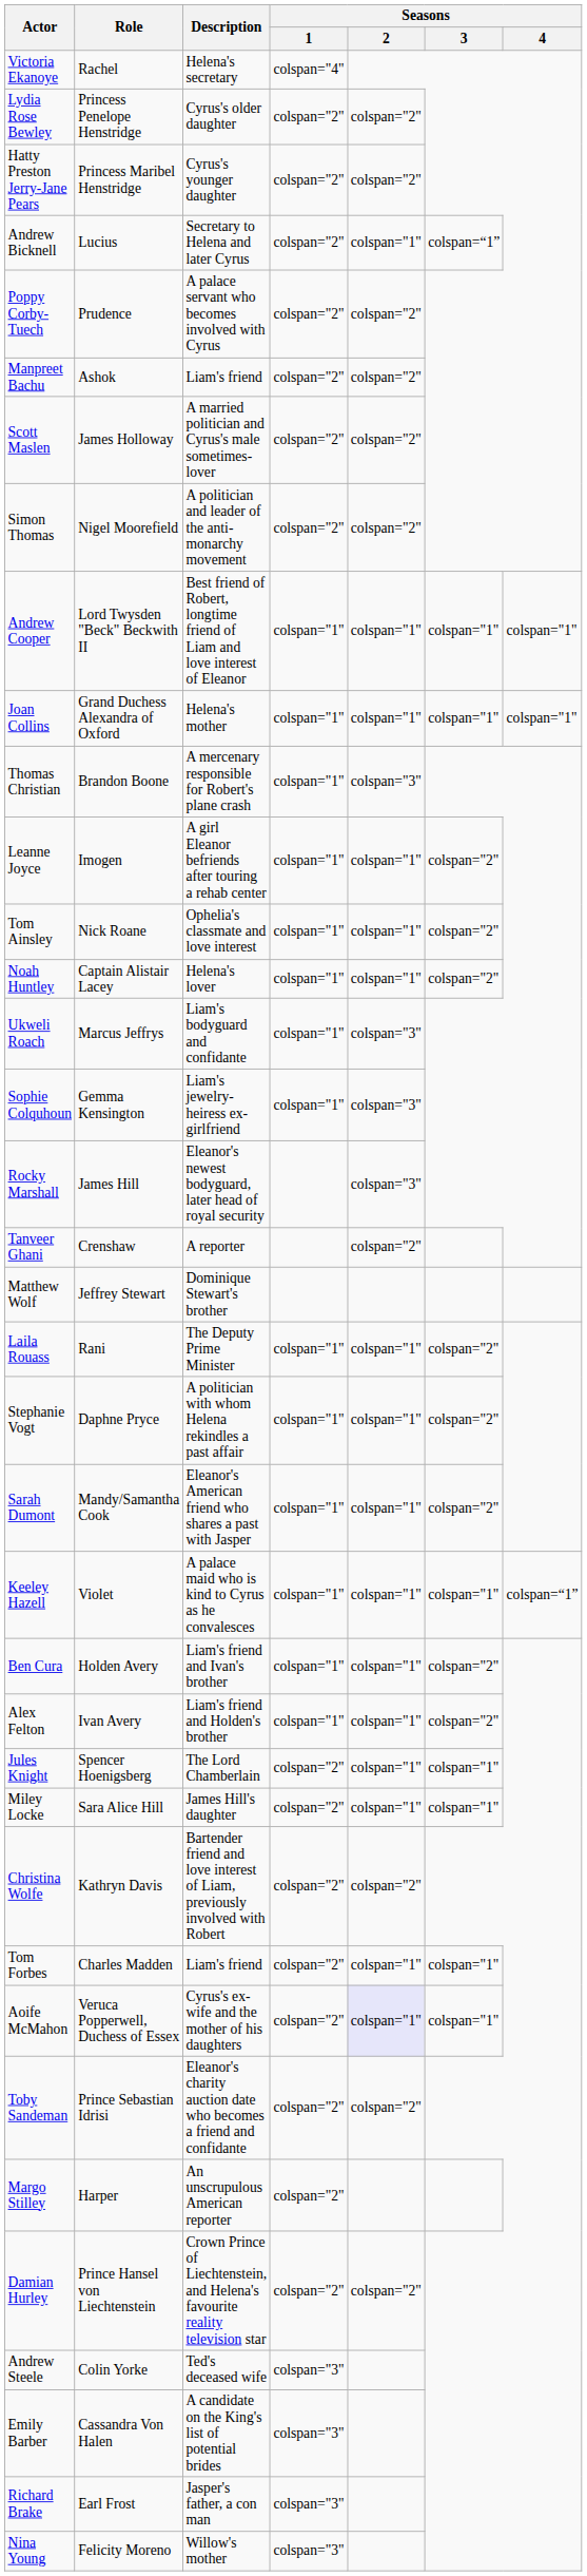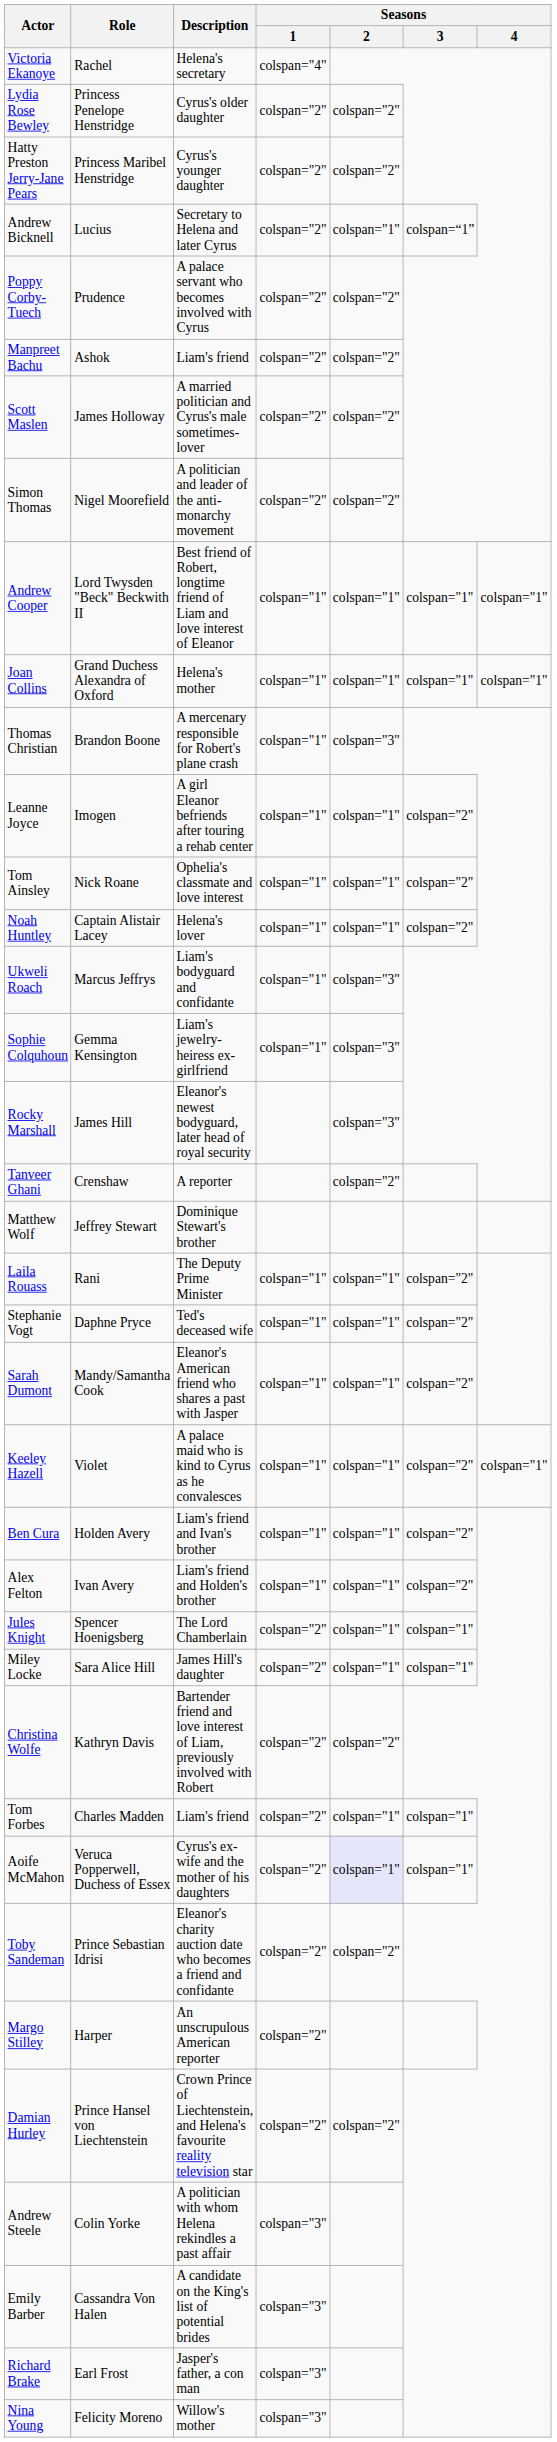 <table class="wikitable plainrowheaders" width="70%">
 <tr>
 <th rowspan="2" style="width:15%;">Actor</th>
 <th rowspan="2" style="width:20%;">Role</th>
 <th rowspan="2" style="width:40%;">Description</th>
 <th colspan="4">Seasons</th>
 </tr>
 <tr>
 <th style="width:8%;">1</th>
 <th style="width:8%;">2</th>
 <th style="width:8%;">3</th>
 <th style="width:8%;">4</th>
 </tr>
 <tr>
 <td><a href='#'>Victoria Ekanoye</a></td>
 <td>Rachel</td>
 <td>Helena's secretary</td>
 <td>colspan="4" </td>
 </tr>
 <tr>
 <td><a href='#'>Lydia Rose Bewley</a></td>
 <td>Princess Penelope Henstridge</td>
 <td>Cyrus's older daughter</td>
 <td>colspan="2" </td>
 <td>colspan="2" </td>
 </tr>
 <tr>
 <td>Hatty Preston  <br> <a href='#'>Jerry-Jane Pears</a> </td>
 <td>Princess Maribel Henstridge</td>
 <td>Cyrus's younger daughter</td>
 <td>colspan="2" </td>
 <td>colspan="2" </td>
 </tr>
 <tr>
 <td>Andrew Bicknell</td>
 <td>Lucius</td>
 <td>Secretary to Helena and later Cyrus</td>
 <td>colspan="2" </td>
 <td>colspan="1" </td>
 <td>colspan=“1” </td>
 </tr>
 <tr>
 <td><a href='#'>Poppy Corby-Tuech</a></td>
 <td>Prudence</td>
 <td>A palace servant who becomes involved with Cyrus</td>
 <td>colspan="2" </td>
 <td>colspan="2" </td>
 </tr>
 <tr>
 <td><a href='#'>Manpreet Bachu</a></td>
 <td>Ashok</td>
 <td>Liam's friend</td>
 <td>colspan="2" </td>
 <td>colspan="2" </td>
 </tr>
 <tr>
 <td><a href='#'>Scott Maslen</a></td>
 <td>James Holloway</td>
 <td>A married politician and Cyrus's male sometimes-lover</td>
 <td>colspan="2" </td>
 <td>colspan="2" </td>
 </tr>
 <tr>
 <td>Simon Thomas</td>
 <td>Nigel Moorefield</td>
 <td>A politician and leader of the anti-monarchy movement</td>
 <td>colspan="2" </td>
 <td>colspan="2" </td>
 </tr>
 <tr>
 <td><a href='#'>Andrew Cooper</a></td>
 <td>Lord Twysden "Beck" Beckwith II</td>
 <td>Best friend of Robert, longtime friend of Liam and love interest of Eleanor</td>
 <td>colspan="1" </td>
 <td>colspan="1" </td>
 <td>colspan="1" </td>
 <td>colspan="1" </td>
 </tr>
 <tr>
 <td><a href='#'>Joan Collins</a></td>
 <td>Grand Duchess Alexandra of Oxford</td>
 <td>Helena's mother</td>
 <td>colspan="1" </td>
 <td>colspan="1" </td>
 <td>colspan="1" </td>
 <td>colspan="1" </td>
 </tr>
 <tr>
 <td>Thomas Christian</td>
 <td>Brandon Boone</td>
 <td>A mercenary responsible for Robert's plane crash</td>
 <td>colspan="1" </td>
 <td>colspan="3" </td>
 </tr>
 <tr>
 <td>Leanne Joyce</td>
 <td>Imogen</td>
 <td>A girl Eleanor befriends after touring a rehab center</td>
 <td>colspan="1" </td>
 <td>colspan="1" </td>
 <td>colspan="2" </td>
 </tr>
 <tr>
 <td>Tom Ainsley</td>
 <td>Nick Roane</td>
 <td>Ophelia's classmate and love interest</td>
 <td>colspan="1" </td>
 <td>colspan="1" </td>
 <td>colspan="2" </td>
 </tr>
 <tr>
 <td><a href='#'>Noah Huntley</a></td>
 <td>Captain Alistair Lacey</td>
 <td>Helena's lover</td>
 <td>colspan="1" </td>
 <td>colspan="1" </td>
 <td>colspan="2" </td>
 </tr>
 <tr>
 <td><a href='#'>Ukweli Roach</a></td>
 <td>Marcus Jeffrys</td>
 <td>Liam's bodyguard and confidante</td>
 <td>colspan="1" </td>
 <td>colspan="3" </td>
 </tr>
 <tr>
 <td><a href='#'>Sophie Colquhoun</a></td>
 <td>Gemma Kensington</td>
 <td>Liam's jewelry-heiress ex-girlfriend</td>
 <td>colspan="1" </td>
 <td>colspan="3" </td>
 </tr>
 <tr>
 <td><a href='#'>Rocky Marshall</a></td>
 <td>James Hill</td>
 <td>Eleanor's newest bodyguard, later head of royal security</td>
 <td></td>
 <td>colspan="3" </td>
 </tr>
 <tr>
 <td><a href='#'>Tanveer Ghani</a></td>
 <td>Crenshaw</td>
 <td>A reporter</td>
 <td></td>
 <td>colspan="2" </td>
 <td></td>
 </tr>
 <tr>
 <td>Matthew Wolf</td>
 <td>Jeffrey Stewart</td>
 <td>Dominique Stewart's brother</td>
 <td></td>
 <td></td>
 <td></td>
 <td></td>
 </tr>
 <tr>
 <td><a href='#'>Laila Rouass</a></td>
 <td>Rani</td>
 <td>The Deputy Prime Minister</td>
 <td>colspan="1" </td>
 <td>colspan="1" </td>
 <td>colspan="2" </td>
 </tr>
 <tr>
 <td>Stephanie Vogt</td>
 <td>Daphne Pryce</td>
-<td>A politician with whom Helena rekindles a past affair</td>
+<td>Ted's deceased wife</td>
 <td>colspan="1" </td>
 <td>colspan="1" </td>
 <td>colspan="2" </td>
 </tr>
 <tr>
 <td><a href='#'>Sarah Dumont</a></td>
 <td>Mandy/Samantha Cook</td>
 <td>Eleanor's American friend who shares a past with Jasper</td>
 <td>colspan="1" </td>
 <td>colspan="1" </td>
 <td>colspan="2" </td>
 </tr>
 <tr>
 <td><a href='#'>Keeley Hazell</a></td>
 <td>Violet</td>
 <td>A palace maid who is kind to Cyrus as he convalesces</td>
 <td>colspan="1" </td>
 <td>colspan="1" </td>
+<td>colspan="2" </td>
 <td>colspan="1" </td>
-<td>colspan=“1” </td>
 </tr>
 <tr>
 <td><a href='#'>Ben Cura</a></td>
 <td>Holden Avery</td>
 <td>Liam's friend and Ivan's brother</td>
 <td>colspan="1" </td>
 <td>colspan="1" </td>
 <td>colspan="2" </td>
 </tr>
 <tr>
 <td>Alex Felton</td>
 <td>Ivan Avery</td>
 <td>Liam's friend and Holden's brother</td>
 <td>colspan="1" </td>
 <td>colspan="1" </td>
 <td>colspan="2" </td>
 </tr>
 <tr>
 <td><a href='#'>Jules Knight</a></td>
 <td>Spencer Hoenigsberg</td>
 <td>The Lord Chamberlain</td>
 <td>colspan="2" </td>
 <td>colspan="1" </td>
 <td>colspan="1" </td>
 </tr>
 <tr>
 <td>Miley Locke</td>
 <td>Sara Alice Hill</td>
 <td>James Hill's daughter</td>
 <td>colspan="2" </td>
 <td>colspan="1" </td>
 <td>colspan="1" </td>
 </tr>
 <tr>
 <td><a href='#'>Christina Wolfe</a></td>
 <td>Kathryn Davis</td>
 <td>Bartender friend and love interest of Liam, previously involved with Robert</td>
 <td>colspan="2" </td>
 <td>colspan="2" </td>
 </tr>
 <tr>
 <td>Tom Forbes</td>
 <td>Charles Madden</td>
 <td>Liam's friend</td>
 <td>colspan="2" </td>
 <td>colspan="1" </td>
 <td>colspan="1" </td>
 </tr>
 <tr>
 <td>Aoife McMahon</td>
 <td>Veruca Popperwell, Duchess of Essex</td>
 <td>Cyrus's ex-wife and the mother of his daughters</td>
 <td>colspan="2" </td>
 <td style="background: lavender;">colspan="1" </td>
 <td>colspan="1" </td>
 </tr>
 <tr>
 <td><a href='#'>Toby Sandeman</a></td>
 <td>Prince Sebastian Idrisi</td>
 <td>Eleanor's charity auction date who becomes a friend and confidante</td>
 <td>colspan="2" </td>
 <td>colspan="2" </td>
 </tr>
 <tr>
 <td><a href='#'>Margo Stilley</a></td>
 <td>Harper</td>
 <td>An unscrupulous American reporter</td>
 <td>colspan="2" </td>
 <td></td>
 <td></td>
 </tr>
 <tr>
 <td><a href='#'>Damian Hurley</a></td>
 <td>Prince Hansel von Liechtenstein</td>
 <td>Crown Prince of Liechtenstein, and Helena's favourite <a href='#'>reality television</a> star</td>
 <td>colspan="2" </td>
 <td>colspan="2" </td>
 </tr>
 <tr>
 <td>Andrew Steele</td>
 <td>Colin Yorke</td>
-<td>Ted's deceased wife</td>
+<td>A politician with whom Helena rekindles a past affair</td>
 <td>colspan="3" </td>
 <td></td>
 </tr>
 <tr>
 <td>Emily Barber</td>
 <td>Cassandra Von Halen</td>
 <td>A candidate on the King's list of potential brides</td>
 <td>colspan="3" </td>
 <td></td>
 </tr>
 <tr>
 <td><a href='#'>Richard Brake</a></td>
 <td>Earl Frost</td>
 <td>Jasper's father, a con man</td>
 <td>colspan="3" </td>
 <td></td>
 </tr>
 <tr>
 <td><a href='#'>Nina Young</a></td>
 <td>Felicity Moreno</td>
 <td>Willow's mother</td>
 <td>colspan="3" </td>
 <td></td>
 </tr>
 </table>
